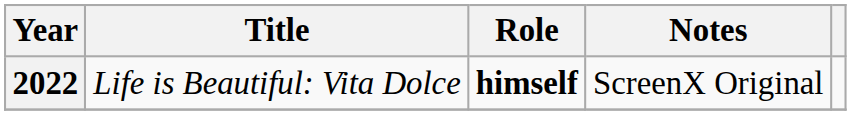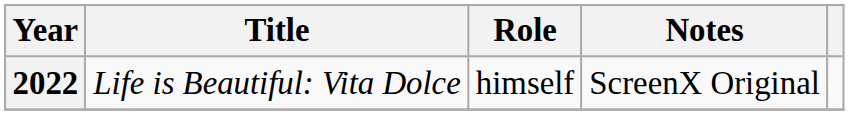 <table class="wikitable  plainrowheaders">
 <tr>
 <th scope="col">Year</th>
 <th scope="col">Title</th>
 <th scope="col">Role</th>
 <th scope="col">Notes</th>
 <th scope="col" class="unsortable"></th>
 </tr>
 <tr>
 <th scope="row">2022</th>
 <td><em>Life is Beautiful: Vita Dolce</em></td>
-<td><strong>himself</strong></td>
+<td>himself</td>
 <td>ScreenX Original</td>
 <td></td>
 </tr>
 <tr>
 </tr>
 </table>
